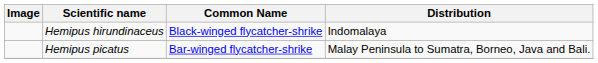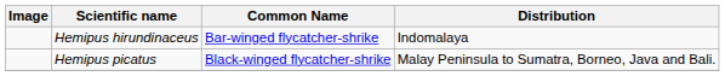 <table class="wikitable">
 <tr>
 <th>Image</th>
 <th>Scientific name</th>
 <th>Common Name</th>
 <th>Distribution</th>
 </tr>
 <tr>
 <td></td>
 <td><em>Hemipus hirundinaceus</em></td>
-<td><a href='#'>Black-winged flycatcher-shrike</a></td>
+<td><a href='#'>Bar-winged flycatcher-shrike</a></td>
 <td>Indomalaya</td>
 </tr>
 <tr>
 <td></td>
 <td><em>Hemipus picatus</em></td>
-<td><a href='#'>Bar-winged flycatcher-shrike</a></td>
+<td><a href='#'>Black-winged flycatcher-shrike</a></td>
 <td>Malay Peninsula to Sumatra, Borneo, Java and Bali.</td>
 </tr>
 <tr>
 </tr>
 </table>
